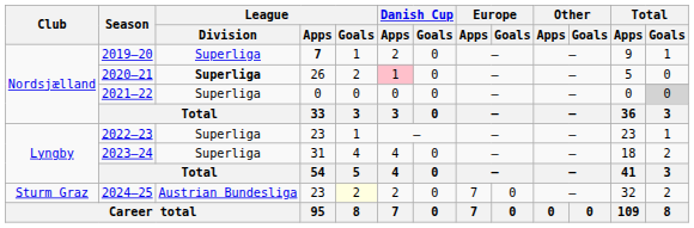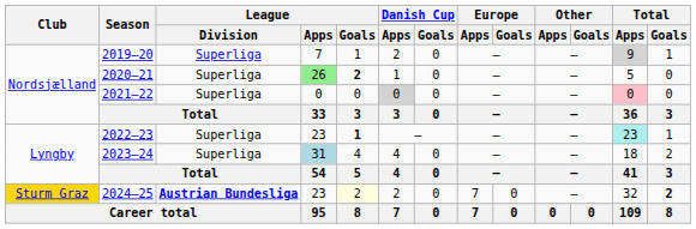 <table class="wikitable" style="text-align: center">
 <tr>
 <th rowspan="2">Club</th>
 <th rowspan="2">Season</th>
 <th colspan="3">League</th>
 <th colspan="2"><a href='#'>Danish Cup</a></th>
 <th colspan="2">Europe</th>
 <th colspan="2">Other</th>
 <th colspan="2">Total</th>
 </tr>
 <tr>
 <th>Division</th>
 <th>Apps</th>
 <th>Goals</th>
 <th>Apps</th>
 <th>Goals</th>
 <th>Apps</th>
 <th>Goals</th>
 <th>Apps</th>
 <th>Goals</th>
 <th>Apps</th>
 <th>Goals</th>
 </tr>
 <tr>
 <td rowspan="4"><a href='#'>Nordsjælland</a></td>
 <td><a href='#'>2019–20</a></td>
 <td><a href='#'>Superliga</a></td>
-<td><strong>7</strong></td>
+<td>7</td>
 <td>1</td>
 <td>2</td>
 <td>0</td>
 <td colspan="2">—</td>
 <td colspan="2">—</td>
-<td>9</td>
+<td style="background: lightgrey;">9</td>
 <td>1</td>
 </tr>
 <tr>
 <td><a href='#'>2020–21</a></td>
-<td><strong>Superliga</strong></td>
-<td>26</td>
-<td>2</td>
-<td style="background: pink;">1</td>
+<td>Superliga</td>
+<td style="background: lightgreen;">26</td>
+<td><strong>2</strong></td>
+<td>1</td>
 <td>0</td>
 <td colspan="2">—</td>
 <td colspan="2">—</td>
 <td>5</td>
 <td>0</td>
 </tr>
 <tr>
 <td><a href='#'>2021–22</a></td>
 <td>Superliga</td>
 <td>0</td>
 <td>0</td>
-<td>0</td>
+<td style="background: lightgrey;">0</td>
 <td>0</td>
 <td colspan="2">—</td>
 <td colspan="2">—</td>
+<td style="background: pink;">0</td>
 <td>0</td>
-<td style="background: lightgrey;">0</td>
 </tr>
 <tr>
 <th colspan="2">Total</th>
 <th>33</th>
 <th>3</th>
 <th>3</th>
 <th>0</th>
 <th colspan="2">—</th>
 <th colspan="2">—</th>
 <th>36</th>
 <th>3</th>
 </tr>
 <tr>
 <td rowspan="3"><a href='#'>Lyngby</a></td>
 <td><a href='#'>2022–23</a></td>
 <td>Superliga</td>
 <td>23</td>
-<td>1</td>
+<td><strong>1</strong></td>
 <td colspan="2">—</td>
 <td colspan="2">—</td>
 <td colspan="2">—</td>
-<td>23</td>
+<td style="background: paleturquoise;">23</td>
 <td>1</td>
 </tr>
 <tr>
 <td><a href='#'>2023–24</a></td>
 <td>Superliga</td>
-<td>31</td>
+<td style="background: lightblue;">31</td>
 <td>4</td>
 <td>4</td>
 <td>0</td>
 <td colspan="2">—</td>
 <td colspan="2">—</td>
 <td>18</td>
 <td>2</td>
 </tr>
 <tr>
 <th colspan="2">Total</th>
 <th>54</th>
 <th>5</th>
 <th>4</th>
 <th>0</th>
 <th colspan="2">—</th>
 <th colspan="2">—</th>
 <th>41</th>
 <th>3</th>
 </tr>
 <tr>
-<td><a href='#'>Sturm Graz</a></td>
+<td style="background: gold;"><a href='#'>Sturm Graz</a></td>
 <td><a href='#'>2024–25</a></td>
-<td><a href='#'>Austrian Bundesliga</a></td>
+<td><strong><a href='#'>Austrian Bundesliga</a></strong></td>
 <td>23</td>
 <td style="background: lightyellow;">2</td>
 <td>2</td>
 <td>0</td>
 <td>7</td>
 <td>0</td>
 <td colspan="2">—</td>
 <td>32</td>
-<td>2</td>
+<td><strong>2</strong></td>
 </tr>
 <tr>
 <th colspan=3>Career total</th>
 <th>95</th>
 <th>8</th>
 <th>7</th>
 <th>0</th>
 <th>7</th>
 <th>0</th>
 <th>0</th>
 <th>0</th>
 <th>109</th>
 <th>8</th>
 </tr>
 </table>
